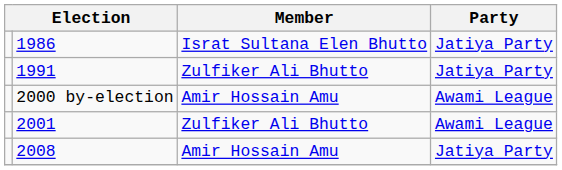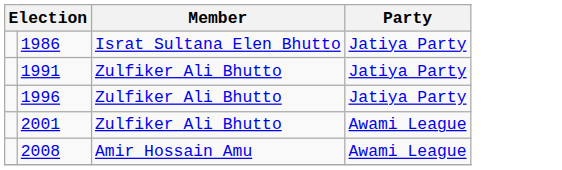 <table class="wikitable">
 <tr>
 <th colspan="2">Election</th>
 <th>Member</th>
 <th>Party</th>
 </tr>
 <tr>
 <td style="background-color:"></td>
 <td><a href='#'>1986</a></td>
 <td><a href='#'>Israt Sultana Elen Bhutto</a></td>
 <td><a href='#'>Jatiya Party</a></td>
 </tr>
 <tr>
 <td style="background-color:"></td>
 <td><a href='#'>1991</a></td>
 <td><a href='#'>Zulfiker Ali Bhutto</a></td>
 <td><a href='#'>Jatiya Party</a></td>
 </tr>
 <tr>
 <td style="background-color:"></td>
-<td>2000 by-election</td>
-<td><a href='#'>Amir Hossain Amu</a></td>
-<td><a href='#'>Awami League</a></td>
+<td><a href='#'>1996</a></td>
+<td><a href='#'>Zulfiker Ali Bhutto</a></td>
+<td><a href='#'>Jatiya Party</a></td>
 </tr>
 <tr>
 <td style="background-color:"></td>
 <td><a href='#'>2001</a></td>
 <td><a href='#'>Zulfiker Ali Bhutto</a></td>
 <td><a href='#'>Awami League</a></td>
 </tr>
 <tr>
 <td style="background-color:"></td>
 <td><a href='#'>2008</a></td>
 <td><a href='#'>Amir Hossain Amu</a></td>
-<td><a href='#'>Jatiya Party</a></td>
+<td><a href='#'>Awami League</a></td>
 </tr>
 <tr>
 </tr>
 </table>
